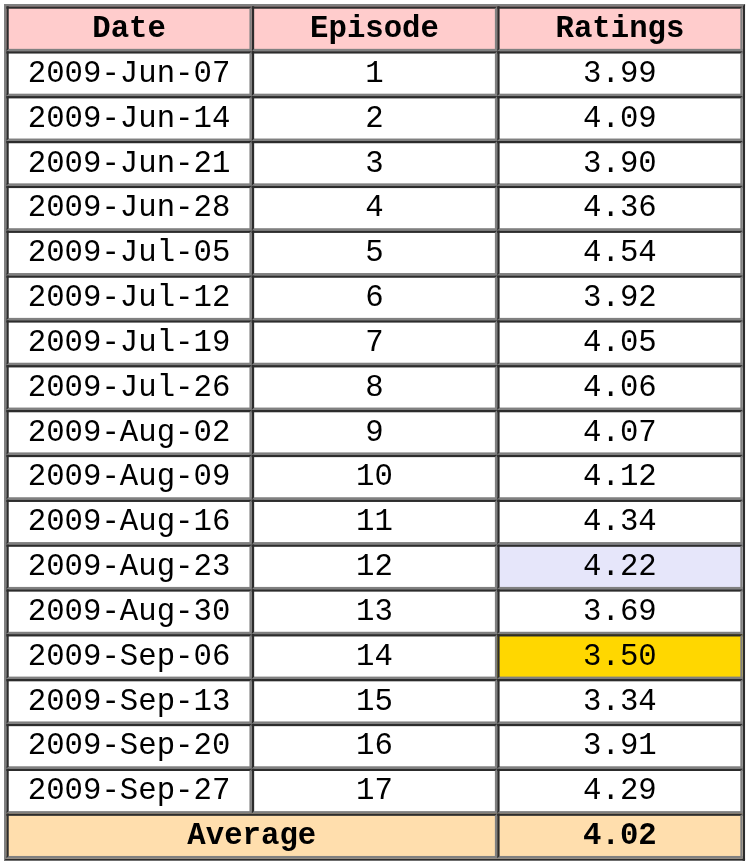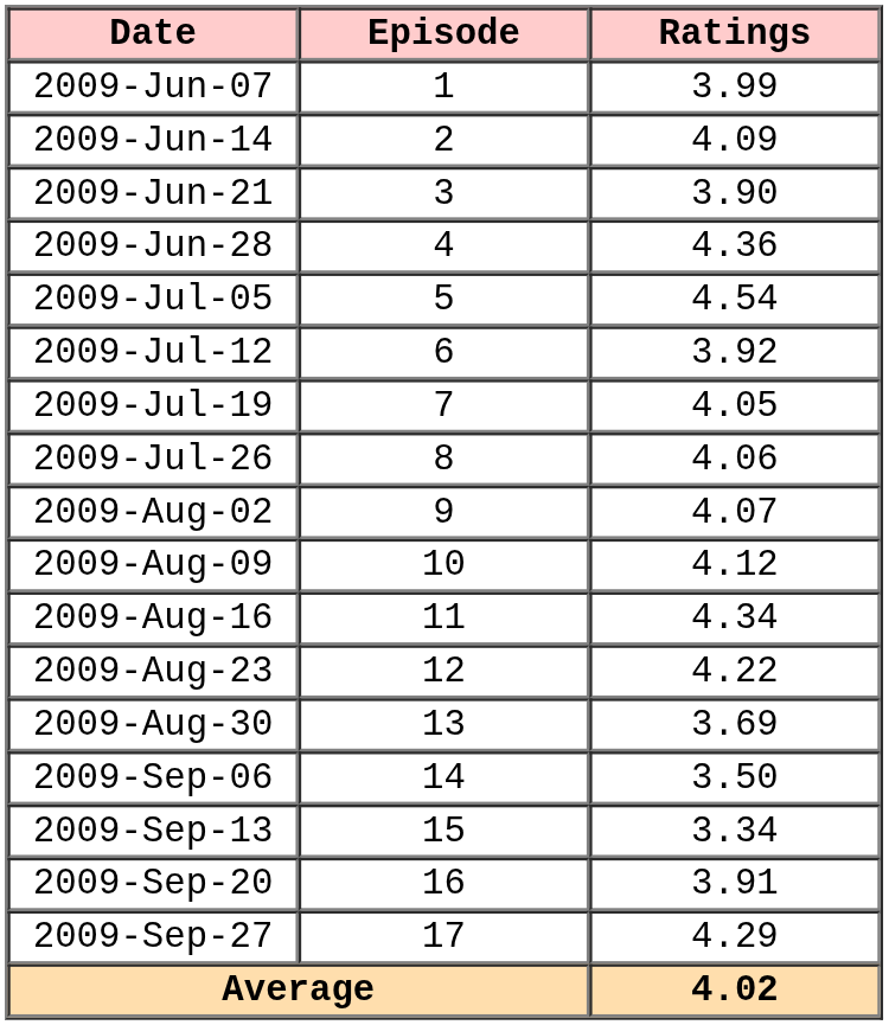 <table border="1" cellpadding="1" cellspacing="0">
 <tr>
 <th width=100 bgcolor="#FFCCCC">Date</th>
 <th width=100 bgcolor="#FFCCCC">Episode</th>
 <th width=100 bgcolor="#FFCCCC">Ratings</th>
 </tr>
 <tr align=center>
 <td>2009-Jun-07</td>
 <td>1</td>
 <td>3.99</td>
 </tr>
 <tr align=center>
 <td>2009-Jun-14</td>
 <td>2</td>
 <td>4.09</td>
 </tr>
 <tr align=center>
 <td>2009-Jun-21</td>
 <td>3</td>
 <td>3.90</td>
 </tr>
 <tr align=center>
 <td>2009-Jun-28</td>
 <td>4</td>
 <td>4.36</td>
 </tr>
 <tr align=center>
 <td>2009-Jul-05</td>
 <td>5</td>
 <td>4.54</td>
 </tr>
 <tr align=center>
 <td>2009-Jul-12</td>
 <td>6</td>
 <td>3.92</td>
 </tr>
 <tr align=center>
 <td>2009-Jul-19</td>
 <td>7</td>
 <td>4.05</td>
 </tr>
 <tr align=center>
 <td>2009-Jul-26</td>
 <td>8</td>
 <td>4.06</td>
 </tr>
 <tr align=center>
 <td>2009-Aug-02</td>
 <td>9</td>
 <td>4.07</td>
 </tr>
 <tr align=center>
 <td>2009-Aug-09</td>
 <td>10</td>
 <td>4.12</td>
 </tr>
 <tr align=center>
 <td>2009-Aug-16</td>
 <td>11</td>
 <td>4.34</td>
 </tr>
 <tr align=center>
 <td>2009-Aug-23</td>
 <td>12</td>
-<td style="background: lavender;">4.22</td>
+<td>4.22</td>
 </tr>
 <tr align=center>
 <td>2009-Aug-30</td>
 <td>13</td>
 <td>3.69</td>
 </tr>
 <tr align=center>
 <td>2009-Sep-06</td>
 <td>14</td>
-<td style="background: gold;">3.50</td>
+<td>3.50</td>
 </tr>
 <tr align=center>
 <td>2009-Sep-13</td>
 <td>15</td>
 <td>3.34</td>
 </tr>
 <tr align=center>
 <td>2009-Sep-20</td>
 <td>16</td>
 <td>3.91</td>
 </tr>
 <tr align=center>
 <td>2009-Sep-27</td>
 <td>17</td>
 <td>4.29</td>
 </tr>
 <tr align="center" style="background:#ffdead;">
 <th colspan=2>Average</th>
 <th>4.02</th>
 </tr>
 </table>
